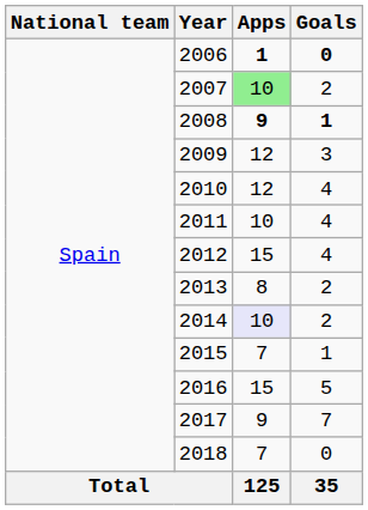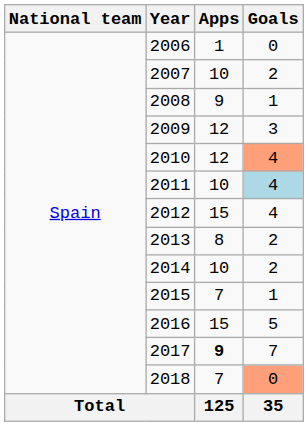 <table class="wikitable" style="text-align:center">
 <tr>
 <th>National team</th>
 <th>Year</th>
 <th>Apps</th>
 <th>Goals</th>
 </tr>
 <tr>
 <td rowspan="13"><a href='#'>Spain</a></td>
 <td>2006</td>
-<td><strong>1</strong></td>
-<td><strong>0</strong></td>
+<td>1</td>
+<td>0</td>
 </tr>
 <tr>
 <td>2007</td>
-<td style="background: lightgreen;">10</td>
+<td>10</td>
 <td>2</td>
 </tr>
 <tr>
 <td>2008</td>
-<td><strong>9</strong></td>
-<td><strong>1</strong></td>
+<td>9</td>
+<td>1</td>
 </tr>
 <tr>
 <td>2009</td>
 <td>12</td>
 <td>3</td>
 </tr>
 <tr>
 <td>2010</td>
 <td>12</td>
-<td>4</td>
+<td style="background: lightsalmon;">4</td>
 </tr>
 <tr>
 <td>2011</td>
 <td>10</td>
-<td>4</td>
+<td style="background: lightblue;">4</td>
 </tr>
 <tr>
 <td>2012</td>
 <td>15</td>
 <td>4</td>
 </tr>
 <tr>
 <td>2013</td>
 <td>8</td>
 <td>2</td>
 </tr>
 <tr>
 <td>2014</td>
-<td style="background: lavender;">10</td>
+<td>10</td>
 <td>2</td>
 </tr>
 <tr>
 <td>2015</td>
 <td>7</td>
 <td>1</td>
 </tr>
 <tr>
 <td>2016</td>
 <td>15</td>
 <td>5</td>
 </tr>
 <tr>
 <td>2017</td>
-<td>9</td>
+<td><strong>9</strong></td>
 <td>7</td>
 </tr>
 <tr>
 <td>2018</td>
 <td>7</td>
-<td>0</td>
+<td style="background: lightsalmon;">0</td>
 </tr>
 <tr>
 <th colspan="2">Total</th>
 <th>125</th>
 <th>35</th>
 </tr>
 </table>
